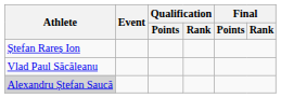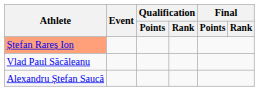 <table class="wikitable" style="font-size:90%">
 <tr>
 <th rowspan=2>Athlete</th>
 <th rowspan=2>Event</th>
 <th colspan=2>Qualification</th>
 <th colspan=2>Final</th>
 </tr>
 <tr style="font-size:95%">
 <th>Points</th>
 <th>Rank</th>
 <th>Points</th>
 <th>Rank</th>
 </tr>
 <tr align=center>
-<td align=left><a href='#'>Ștefan Rareș Ion</a></td>
+<td align=left style="background: lightsalmon;"><a href='#'>Ștefan Rareș Ion</a></td>
 <td align=left></td>
 <td></td>
 <td></td>
 <td colspan=2></td>
 </tr>
 <tr align=center>
 <td align=left><a href='#'>Vlad Paul Săcăleanu</a></td>
 <td align=left></td>
 <td></td>
 <td></td>
 <td colspan=2></td>
 </tr>
 <tr align=center>
-<td align=left style="background: lightgrey;"><a href='#'>Alexandru Ștefan Saucă</a></td>
+<td align=left><a href='#'>Alexandru Ștefan Saucă</a></td>
 <td align=left></td>
 <td></td>
 <td></td>
 <td colspan=2></td>
 </tr>
 </table>
